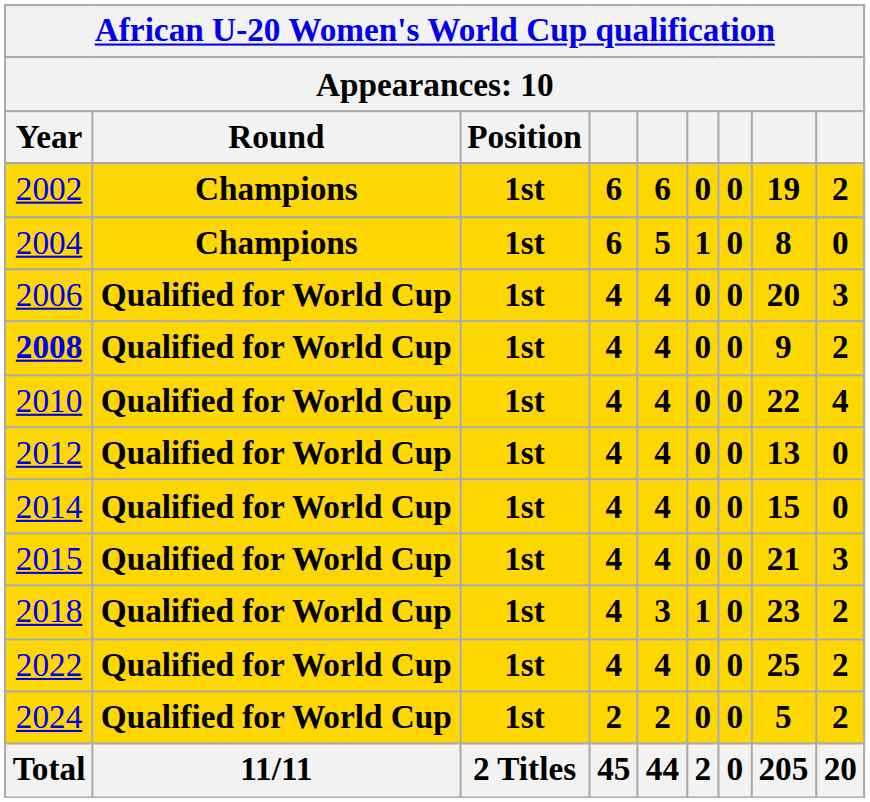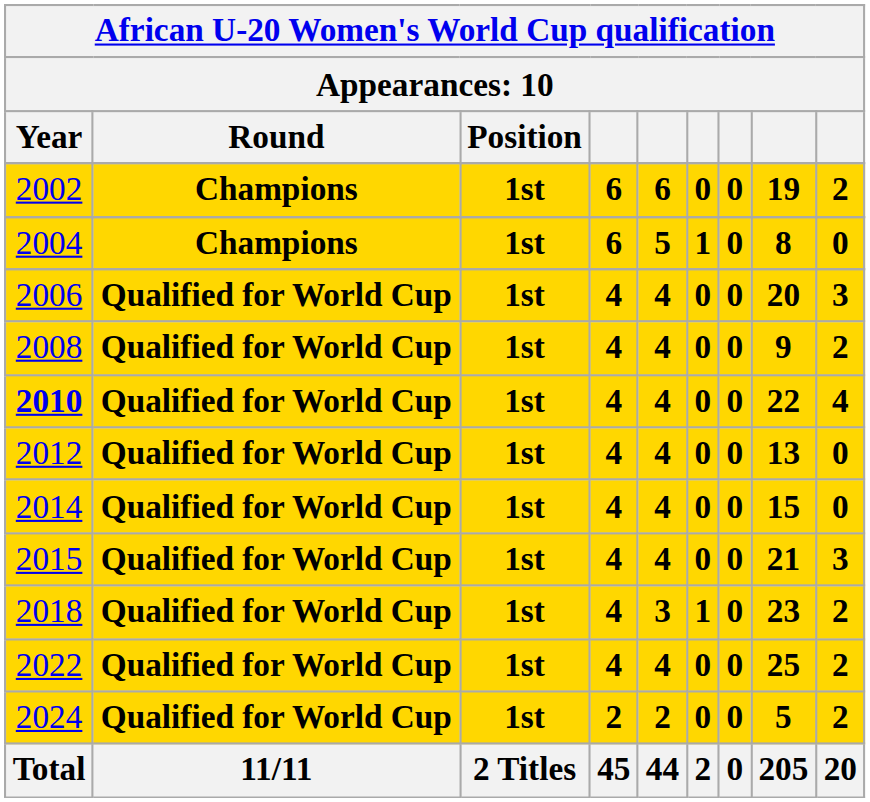 <table class="wikitable" style="text-align: center;">
 <tr>
 <th colspan=9><a href='#'>African U-20 Women's World Cup qualification</a></th>
 </tr>
 <tr>
 <th colspan=9>Appearances: 10</th>
 </tr>
 <tr>
 <th>Year</th>
 <th>Round</th>
 <th>Position</th>
 <th></th>
 <th></th>
 <th></th>
 <th></th>
 <th></th>
 <th></th>
 </tr>
 <tr>
 </tr>
 <tr bgcolor=Gold>
 <td><a href='#'>2002</a></td>
 <td><strong>Champions</strong></td>
 <td><strong>1st</strong></td>
 <td><strong>6</strong></td>
 <td><strong>6</strong></td>
 <td><strong>0</strong></td>
 <td><strong>0</strong></td>
 <td><strong>19</strong></td>
 <td><strong>2</strong></td>
 </tr>
 <tr>
 </tr>
 <tr bgcolor=Gold>
 <td><a href='#'>2004</a></td>
 <td><strong>Champions</strong></td>
 <td><strong>1st</strong></td>
 <td><strong>6</strong></td>
 <td><strong>5</strong></td>
 <td><strong>1</strong></td>
 <td><strong>0</strong></td>
 <td><strong>8</strong></td>
 <td><strong>0</strong></td>
 </tr>
 <tr>
 </tr>
 <tr bgcolor=Gold>
 <td><a href='#'>2006</a></td>
 <td><strong>Qualified for World Cup</strong></td>
 <td><strong>1st</strong></td>
 <td><strong>4</strong></td>
 <td><strong>4</strong></td>
 <td><strong>0</strong></td>
 <td><strong>0</strong></td>
 <td><strong>20</strong></td>
 <td><strong>3</strong></td>
 </tr>
 <tr bgcolor=Gold>
-<td><strong><a href='#'>2008</a></strong></td>
+<td><a href='#'>2008</a></td>
 <td><strong>Qualified for World Cup</strong></td>
 <td><strong>1st</strong></td>
 <td><strong>4</strong></td>
 <td><strong>4</strong></td>
 <td><strong>0</strong></td>
 <td><strong>0</strong></td>
 <td><strong>9</strong></td>
 <td><strong>2</strong></td>
 </tr>
 <tr bgcolor=Gold>
-<td><a href='#'>2010</a></td>
+<td><strong><a href='#'>2010</a></strong></td>
 <td><strong>Qualified for World Cup</strong></td>
 <td><strong>1st</strong></td>
 <td><strong>4</strong></td>
 <td><strong>4</strong></td>
 <td><strong>0</strong></td>
 <td><strong>0</strong></td>
 <td><strong>22</strong></td>
 <td><strong>4</strong></td>
 </tr>
 <tr bgcolor=Gold>
 <td><a href='#'>2012</a></td>
 <td><strong>Qualified for World Cup</strong></td>
 <td><strong>1st</strong></td>
 <td><strong>4</strong></td>
 <td><strong>4</strong></td>
 <td><strong>0</strong></td>
 <td><strong>0</strong></td>
 <td><strong>13</strong></td>
 <td><strong>0</strong></td>
 </tr>
 <tr bgcolor=Gold>
 <td><a href='#'>2014</a></td>
 <td><strong>Qualified for World Cup</strong></td>
 <td><strong>1st</strong></td>
 <td><strong>4</strong></td>
 <td><strong>4</strong></td>
 <td><strong>0</strong></td>
 <td><strong>0</strong></td>
 <td><strong>15</strong></td>
 <td><strong>0</strong></td>
 </tr>
 <tr bgcolor=Gold>
 <td><a href='#'>2015</a></td>
 <td><strong>Qualified for World Cup</strong></td>
 <td><strong>1st</strong></td>
 <td><strong>4</strong></td>
 <td><strong>4</strong></td>
 <td><strong>0</strong></td>
 <td><strong>0</strong></td>
 <td><strong>21</strong></td>
 <td><strong>3</strong></td>
 </tr>
 <tr bgcolor=Gold>
 <td><a href='#'>2018</a></td>
 <td><strong>Qualified for World Cup</strong></td>
 <td><strong>1st</strong></td>
 <td><strong>4</strong></td>
 <td><strong>3</strong></td>
 <td><strong>1</strong></td>
 <td><strong>0</strong></td>
 <td><strong>23</strong></td>
 <td><strong>2</strong></td>
 </tr>
 <tr bgcolor=Gold>
 <td><a href='#'>2022</a></td>
 <td><strong>Qualified for World Cup</strong></td>
 <td><strong>1st</strong></td>
 <td><strong>4</strong></td>
 <td><strong>4</strong></td>
 <td><strong>0</strong></td>
 <td><strong>0</strong></td>
 <td><strong>25</strong></td>
 <td><strong>2</strong></td>
 </tr>
 <tr bgcolor=Gold>
 <td><a href='#'>2024</a></td>
 <td><strong>Qualified for World Cup</strong></td>
 <td><strong>1st</strong></td>
 <td><strong>2</strong></td>
 <td><strong>2</strong></td>
 <td><strong>0</strong></td>
 <td><strong>0</strong></td>
 <td><strong>5</strong></td>
 <td><strong>2</strong></td>
 </tr>
 <tr>
 <th>Total</th>
 <th>11/11</th>
 <th>2 Titles</th>
 <th>45</th>
 <th>44</th>
 <th>2</th>
 <th>0</th>
 <th>205</th>
 <th>20</th>
 </tr>
 </table>
